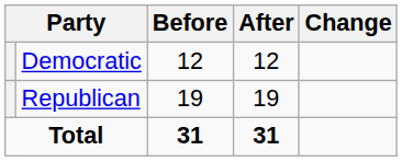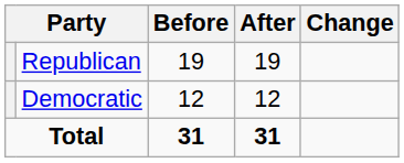 <table class="wikitable" style="text-align:center;">
 <tr>
 <th colspan="2">Party</th>
 <th>Before</th>
 <th>After</th>
 <th>Change</th>
 </tr>
 <tr>
 <th style="background-color:"></th>
-<td style="text-align:left;"><a href='#'>Democratic</a></td>
-<td>12</td>
-<td>12</td>
+<td style="text-align:left;"><a href='#'>Republican</a></td>
+<td>19</td>
+<td>19</td>
 <td></td>
 </tr>
 <tr>
 <th style="background-color:"></th>
-<td style="text-align:left;"><a href='#'>Republican</a></td>
-<td>19</td>
-<td>19</td>
+<td style="text-align:left;"><a href='#'>Democratic</a></td>
+<td>12</td>
+<td>12</td>
 <td></td>
 </tr>
 <tr>
 <td colspan="2"><strong>Total</strong></td>
 <td><strong>31</strong></td>
 <td><strong>31</strong></td>
 <td></td>
 </tr>
 </table>
